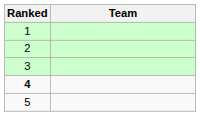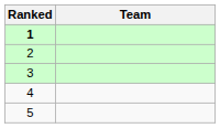 <table class="wikitable" style="text-align:center; font-size:90%">
 <tr>
 <th width=40>Ranked</th>
 <th width=180>Team</th>
 </tr>
 <tr bgcolor="ccffcc">
-<td style="text-align:center">1</td>
+<td style="text-align:center"><strong>1</strong></td>
 <td style="text-align:left"></td>
 </tr>
 <tr bgcolor="ccffcc">
 <td style="text-align:center">2</td>
 <td style="text-align:left"></td>
 </tr>
 <tr bgcolor="ccffcc">
 <td style="text-align:center">3</td>
 <td style="text-align:left"></td>
 </tr>
 <tr>
-<td style="text-align:center"><strong>4</strong></td>
+<td style="text-align:center">4</td>
 <td style="text-align:left"></td>
 </tr>
 <tr>
 <td style="text-align:center">5</td>
 <td style="text-align:left"></td>
 </tr>
 </table>
